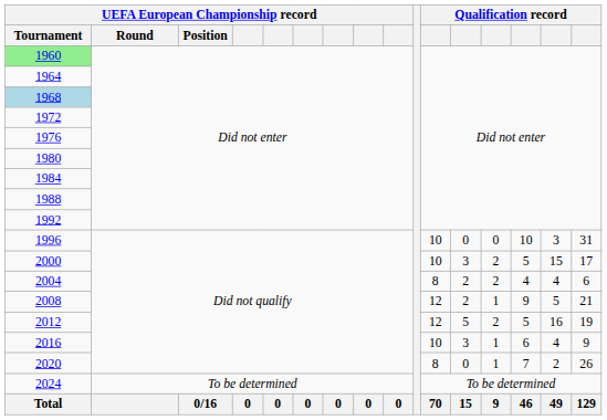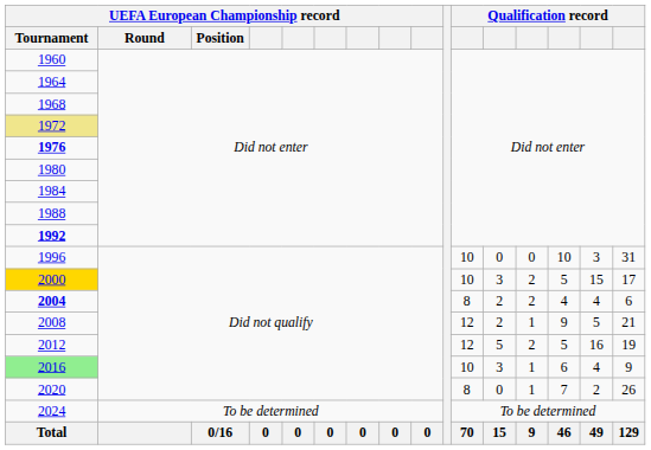 <table class="wikitable" style="text-align: center;">
 <tr>
 <th colspan=9><a href='#'>UEFA European Championship</a> record</th>
 <th width=1 rowspan=21></th>
 <th colspan=6><a href='#'>Qualification</a> record</th>
 </tr>
 <tr>
 <th width=100>Tournament</th>
 <th width=100>Round</th>
 <th width=60>Position</th>
 <th width=30></th>
 <th width=30></th>
 <th width=30></th>
 <th width=30></th>
 <th width=30></th>
 <th width=30></th>
 <th width=30></th>
 <th width=30></th>
 <th width=30></th>
 <th width=30></th>
 <th width=30></th>
 <th width=30></th>
 </tr>
 <tr>
-<td style="background: lightgreen;"> <a href='#'>1960</a></td>
+<td> <a href='#'>1960</a></td>
 <td rowspan=9 colspan=8><em>Did not enter</em></td>
 <td rowspan=9 colspan=6><em>Did not enter</em></td>
 </tr>
 <tr>
 <td> <a href='#'>1964</a></td>
 </tr>
 <tr>
-<td style="background: lightblue;"> <a href='#'>1968</a></td>
+<td> <a href='#'>1968</a></td>
 </tr>
 <tr>
-<td> <a href='#'>1972</a></td>
+<td style="background: khaki;"> <a href='#'>1972</a></td>
 </tr>
 <tr>
-<td> <a href='#'>1976</a></td>
+<td><strong> <a href='#'>1976</a></strong></td>
 </tr>
 <tr>
 <td> <a href='#'>1980</a></td>
 </tr>
 <tr>
 <td> <a href='#'>1984</a></td>
 </tr>
 <tr>
 <td> <a href='#'>1988</a></td>
 </tr>
 <tr>
-<td> <a href='#'>1992</a></td>
+<td><strong> <a href='#'>1992</a></strong></td>
 </tr>
 <tr>
 <td> <a href='#'>1996</a></td>
 <td rowspan=7 colspan=8><em>Did not qualify</em></td>
 <td>10</td>
 <td>0</td>
 <td>0</td>
 <td>10</td>
 <td>3</td>
 <td>31</td>
 </tr>
 <tr>
-<td>  <a href='#'>2000</a></td>
+<td style="background: gold;">  <a href='#'>2000</a></td>
 <td>10</td>
 <td>3</td>
 <td>2</td>
 <td>5</td>
 <td>15</td>
 <td>17</td>
 </tr>
 <tr>
-<td> <a href='#'>2004</a></td>
+<td><strong> <a href='#'>2004</a></strong></td>
 <td>8</td>
 <td>2</td>
 <td>2</td>
 <td>4</td>
 <td>4</td>
 <td>6</td>
 </tr>
 <tr>
 <td>  <a href='#'>2008</a></td>
 <td>12</td>
 <td>2</td>
 <td>1</td>
 <td>9</td>
 <td>5</td>
 <td>21</td>
 </tr>
 <tr>
 <td>  <a href='#'>2012</a></td>
 <td>12</td>
 <td>5</td>
 <td>2</td>
 <td>5</td>
 <td>16</td>
 <td>19</td>
 </tr>
 <tr>
-<td> <a href='#'>2016</a></td>
+<td style="background: lightgreen;"> <a href='#'>2016</a></td>
 <td>10</td>
 <td>3</td>
 <td>1</td>
 <td>6</td>
 <td>4</td>
 <td>9</td>
 </tr>
 <tr>
 <td> <a href='#'>2020</a></td>
 <td>8</td>
 <td>0</td>
 <td>1</td>
 <td>7</td>
 <td>2</td>
 <td>26</td>
 </tr>
 <tr>
 <td> <a href='#'>2024</a></td>
 <td colspan=8><em>To be determined</em></td>
 <td colspan=6><em>To be determined</em></td>
 </tr>
 <tr>
 <th>Total</th>
 <th></th>
 <th>0/16</th>
 <th>0</th>
 <th>0</th>
 <th>0</th>
 <th>0</th>
 <th>0</th>
 <th>0</th>
 <th>70</th>
 <th>15</th>
 <th>9</th>
 <th>46</th>
 <th>49</th>
 <th>129</th>
 </tr>
 </table>
